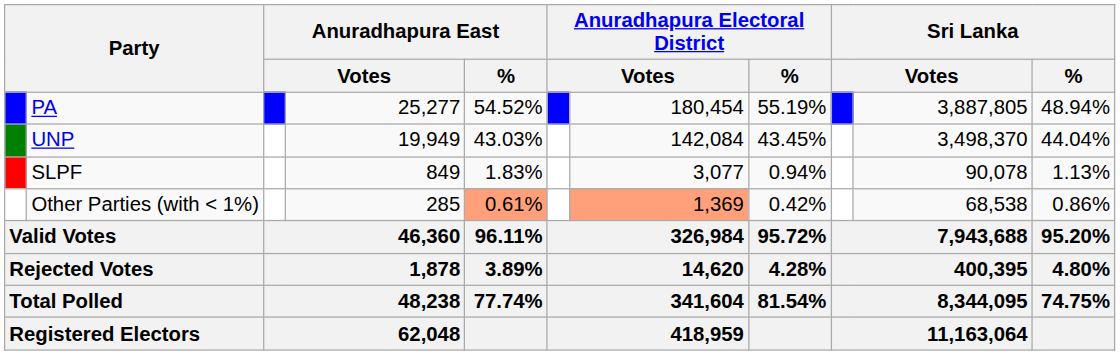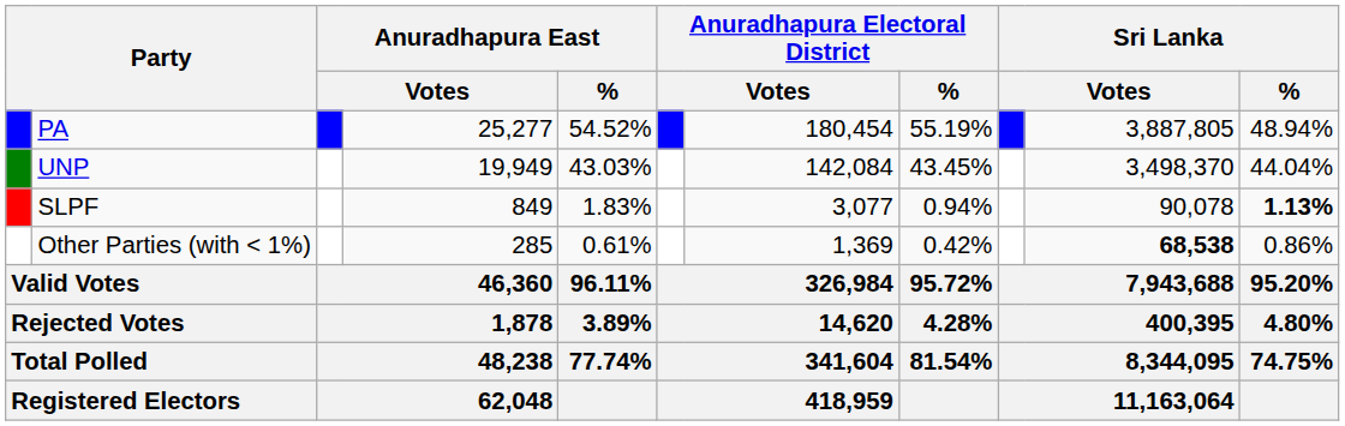 <table class="wikitable">
 <tr>
 <th colspan="2" width="144px"rowspan="2">Party</th>
 <th colspan="3" width="216px">Anuradhapura East</th>
 <th colspan="3" width="216px"><a href='#'>Anuradhapura Electoral District</a></th>
 <th colspan="3" width="216px">Sri Lanka</th>
 </tr>
 <tr>
 <th colspan="2" width="144px">Votes</th>
 <th>%</th>
 <th colspan="2" width="144px">Votes</th>
 <th>%</th>
 <th colspan="2" width="144px">Votes</th>
 <th>%</th>
 </tr>
 <tr>
 <td style="background-color:blue;" width="10px"></td>
 <td style="text-align:left;"><a href='#'>PA</a></td>
 <td style="background-color:blue;" width="10px"></td>
 <td style="text-align:right;">25,277</td>
 <td style="text-align:right;">54.52%</td>
 <td style="background-color:blue;" width="10px"></td>
 <td style="text-align:right;">180,454</td>
 <td style="text-align:right;">55.19%</td>
 <td style="background-color:blue;" width="10px"></td>
 <td style="text-align:right;">3,887,805</td>
 <td style="text-align:right;">48.94%</td>
 </tr>
 <tr>
 <td style="background-color:green;" width="10px"></td>
 <td style="text-align:left;"><a href='#'>UNP</a></td>
 <td style="background-color:white;" width="10px"></td>
 <td style="text-align:right;">19,949</td>
 <td style="text-align:right;">43.03%</td>
 <td style="background-color:white;" width="10px"></td>
 <td style="text-align:right;">142,084</td>
 <td style="text-align:right;">43.45%</td>
 <td style="background-color:white;" width="10px"></td>
 <td style="text-align:right;">3,498,370</td>
 <td style="text-align:right;">44.04%</td>
 </tr>
 <tr>
 <td style="background-color:red;" width="10px"></td>
 <td style="text-align:left;">SLPF</td>
 <td style="background-color:white;" width="10px"></td>
 <td style="text-align:right;">849</td>
 <td style="text-align:right;">1.83%</td>
 <td style="background-color:white;" width="10px"></td>
 <td style="text-align:right;">3,077</td>
 <td style="text-align:right;">0.94%</td>
 <td style="background-color:white;" width="10px"></td>
 <td style="text-align:right;">90,078</td>
-<td style="text-align:right;">1.13%</td>
+<td style="text-align:right;"><strong>1.13%</strong></td>
 </tr>
 <tr>
 <td style="background-color:white;" width="10px"></td>
 <td style="text-align:left;">Other Parties (with < 1%)</td>
 <td style="background-color:white;" width="10px"></td>
 <td style="text-align:right;">285</td>
-<td style="background: lightsalmon; text-align:right;">0.61%</td>
+<td style="text-align:right;">0.61%</td>
 <td style="background-color:white;" width="10px"></td>
-<td style="background: lightsalmon; text-align:right;">1,369</td>
+<td style="text-align:right;">1,369</td>
 <td style="text-align:right;">0.42%</td>
 <td style="background-color:white;" width="10px"></td>
-<td style="text-align:right;">68,538</td>
+<td style="text-align:right;"><strong>68,538</strong></td>
 <td style="text-align:right;">0.86%</td>
 </tr>
 <tr>
 <th colspan="2" width="144px"style="text-align:left;">Valid Votes</th>
 <th style="text-align:right;"colspan="2" width="144px">46,360</th>
 <th style="text-align:right;">96.11%</th>
 <th style="text-align:right;"colspan="2" width="144px">326,984</th>
 <th style="text-align:right;">95.72%</th>
 <th style="text-align:right;"colspan="2" width="144px">7,943,688</th>
 <th style="text-align:right;">95.20%</th>
 </tr>
 <tr>
 <th colspan="2" width="144px"style="text-align:left;">Rejected Votes</th>
 <th style="text-align:right;"colspan="2" width="144px">1,878</th>
 <th style="text-align:right;">3.89%</th>
 <th style="text-align:right;"colspan="2" width="144px">14,620</th>
 <th style="text-align:right;">4.28%</th>
 <th style="text-align:right;"colspan="2" width="144px">400,395</th>
 <th style="text-align:right;">4.80%</th>
 </tr>
 <tr>
 <th colspan="2" width="144px"style="text-align:left;">Total Polled</th>
 <th style="text-align:right;"colspan="2" width="144px">48,238</th>
 <th style="text-align:right;">77.74%</th>
 <th style="text-align:right;"colspan="2" width="144px">341,604</th>
 <th style="text-align:right;">81.54%</th>
 <th style="text-align:right;"colspan="2" width="144px">8,344,095</th>
 <th style="text-align:right;">74.75%</th>
 </tr>
 <tr>
 <th colspan="2" width="144px"style="text-align:left;">Registered Electors</th>
 <th style="text-align:right;"colspan="2" width="144px">62,048</th>
 <th></th>
 <th style="text-align:right;"colspan="2" width="144px">418,959</th>
 <th></th>
 <th style="text-align:right;"colspan="2" width="144px">11,163,064</th>
 <th></th>
 </tr>
 </table>
